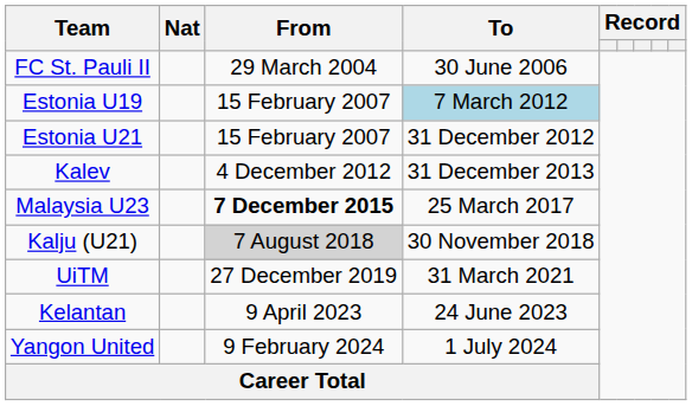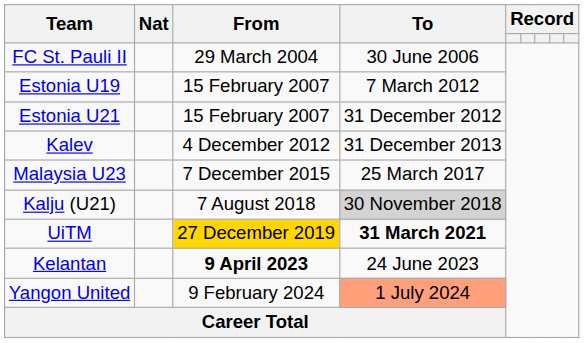 <table class="wikitable" style="text-align:center">
 <tr>
 <th rowspan="2">Team</th>
 <th rowspan="2">Nat</th>
 <th rowspan="2">From</th>
 <th rowspan="2">To</th>
 <th colspan="5">Record</th>
 </tr>
 <tr>
 <th></th>
 <th></th>
 <th></th>
 <th></th>
 <th></th>
 </tr>
 <tr>
 <td><a href='#'>FC St. Pauli II</a></td>
 <td></td>
 <td>29 March 2004</td>
 <td>30 June 2006<br></td>
 </tr>
 <tr>
 <td><a href='#'>Estonia U19</a></td>
 <td></td>
 <td>15 February 2007</td>
-<td style="background: lightblue;">7 March 2012<br></td>
+<td>7 March 2012<br></td>
 </tr>
 <tr>
 <td><a href='#'>Estonia U21</a></td>
 <td></td>
 <td>15 February 2007</td>
 <td>31 December 2012<br></td>
 </tr>
 <tr>
 <td><a href='#'>Kalev</a></td>
 <td></td>
 <td>4 December 2012</td>
 <td>31 December 2013<br></td>
 </tr>
 <tr>
 <td><a href='#'>Malaysia U23</a></td>
 <td></td>
-<td><strong>7 December 2015</strong></td>
+<td>7 December 2015</td>
 <td>25 March 2017<br></td>
 </tr>
 <tr>
 <td><a href='#'>Kalju</a> (U21)</td>
 <td></td>
-<td style="background: lightgrey;">7 August 2018</td>
-<td>30 November 2018<br></td>
+<td>7 August 2018</td>
+<td style="background: lightgrey;">30 November 2018<br></td>
 </tr>
 <tr>
 <td><a href='#'>UiTM</a></td>
 <td></td>
-<td>27 December 2019</td>
-<td>31 March 2021<br></td>
+<td style="background: gold;">27 December 2019</td>
+<td><strong>31 March 2021<br></strong></td>
 </tr>
 <tr>
 <td><a href='#'>Kelantan</a></td>
 <td></td>
-<td>9 April 2023</td>
+<td><strong>9 April 2023</strong></td>
 <td>24 June 2023<br></td>
 </tr>
 <tr>
 <td><a href='#'>Yangon United</a></td>
 <td></td>
 <td>9 February 2024</td>
-<td>1 July 2024<br></td>
+<td style="background: lightsalmon;">1 July 2024<br></td>
 </tr>
 <tr>
 <th colspan="4">Career Total<br></th>
 </tr>
 </table>
